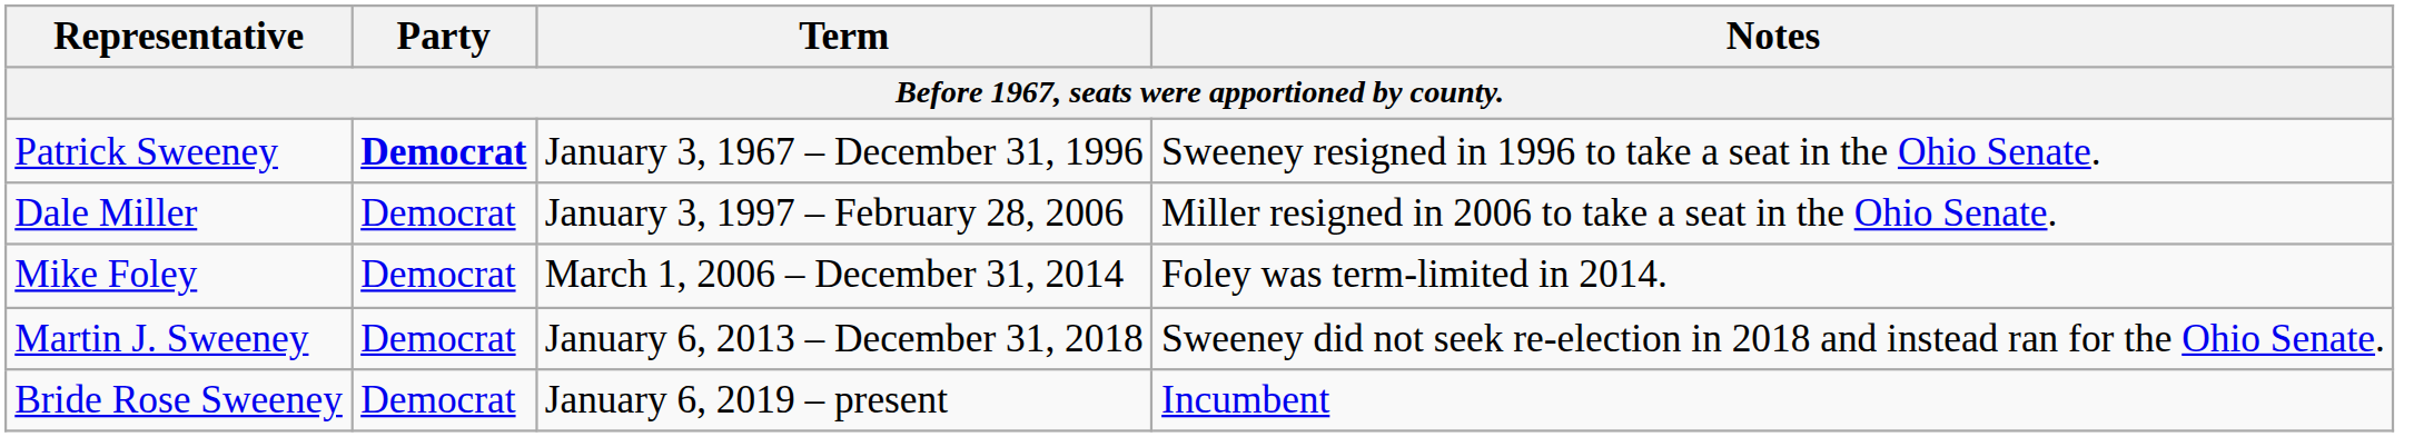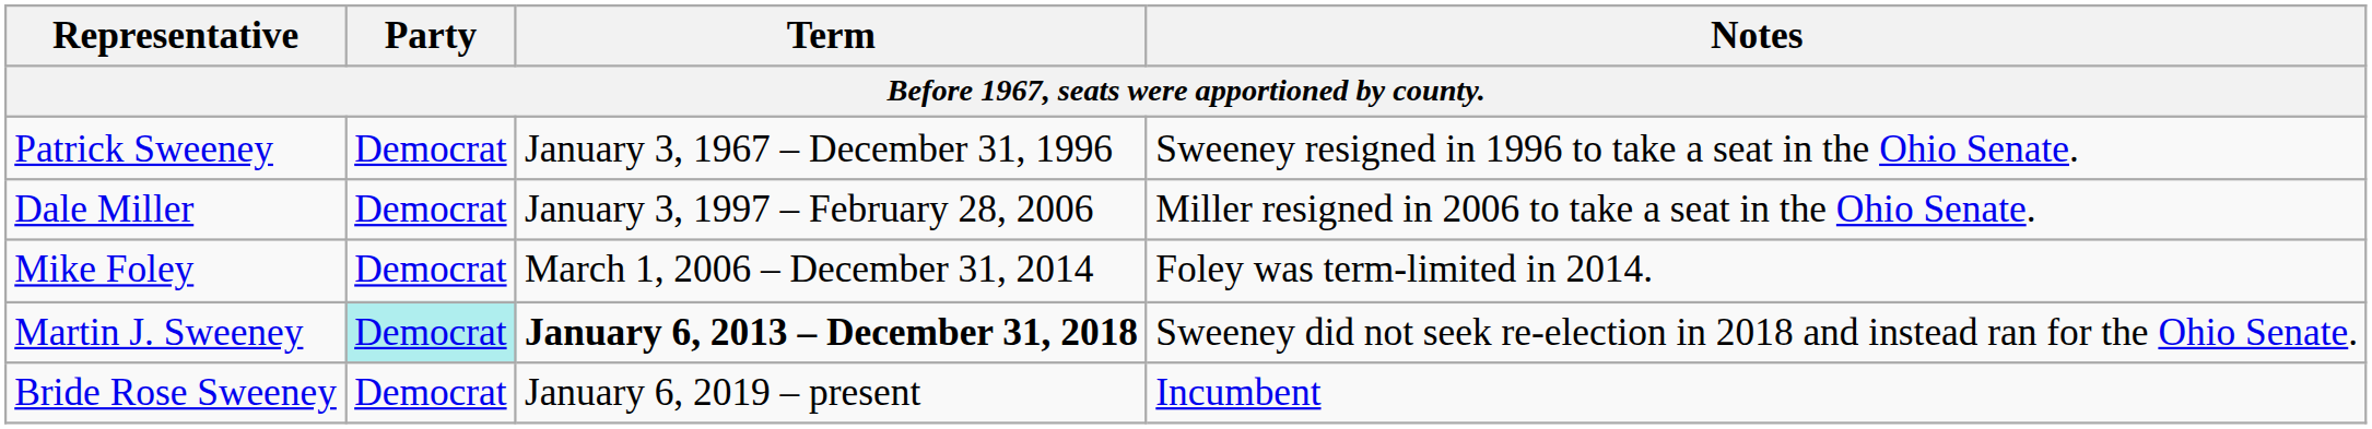 <table class=wikitable>
 <tr valign=bottom>
 <th>Representative</th>
 <th>Party</th>
 <th>Term</th>
 <th>Notes</th>
 </tr>
 <tr>
 <th colspan=5 style="font-size: 80%;"><em>Before 1967, seats were apportioned by county.</em></th>
 </tr>
 <tr>
 <td><a href='#'>Patrick Sweeney</a></td>
-<td><strong><a href='#'>Democrat</a></strong></td>
+<td><a href='#'>Democrat</a></td>
 <td>January 3, 1967 – December 31, 1996</td>
 <td>Sweeney resigned in 1996 to take a seat in the <a href='#'>Ohio Senate</a>.</td>
 </tr>
 <tr>
 <td><a href='#'>Dale Miller</a></td>
 <td><a href='#'>Democrat</a></td>
 <td>January 3, 1997 – February 28, 2006</td>
 <td>Miller resigned in 2006 to take a seat in the <a href='#'>Ohio Senate</a>.</td>
 </tr>
 <tr>
 <td><a href='#'>Mike Foley</a></td>
 <td><a href='#'>Democrat</a></td>
 <td>March 1, 2006 – December 31, 2014</td>
 <td>Foley was term-limited in 2014.</td>
 </tr>
 <tr>
 <td><a href='#'>Martin J. Sweeney</a></td>
-<td><a href='#'>Democrat</a></td>
-<td>January 6, 2013 – December 31, 2018</td>
+<td style="background: paleturquoise;"><a href='#'>Democrat</a></td>
+<td><strong>January 6, 2013 – December 31, 2018</strong></td>
 <td>Sweeney did not seek re-election in 2018 and instead ran for the <a href='#'>Ohio Senate</a>.</td>
 </tr>
 <tr>
 <td><a href='#'>Bride Rose Sweeney</a></td>
 <td><a href='#'>Democrat</a></td>
 <td>January 6, 2019 – present</td>
 <td><a href='#'>Incumbent</a></td>
 </tr>
 </table>
